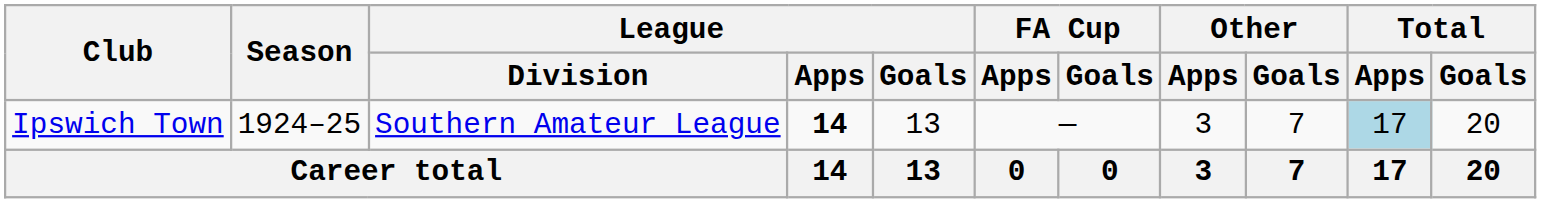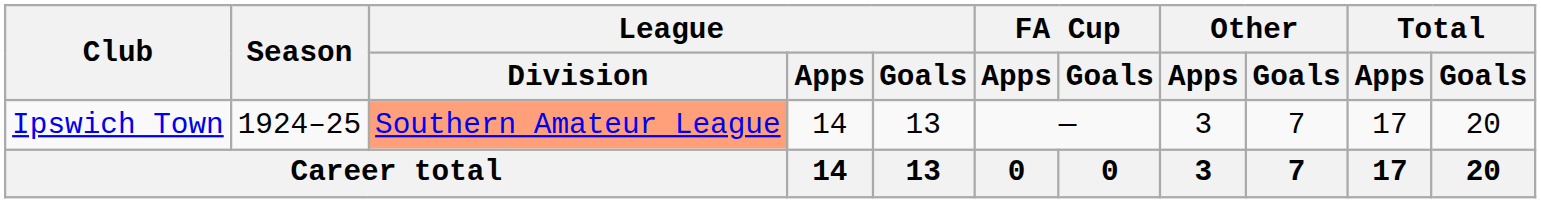 <table class="wikitable" style="text-align:center">
 <tr>
 <th rowspan="2">Club</th>
 <th rowspan="2">Season</th>
 <th colspan="3">League</th>
 <th colspan="2">FA Cup</th>
 <th colspan="2">Other</th>
 <th colspan="2">Total</th>
 </tr>
 <tr>
 <th>Division</th>
 <th>Apps</th>
 <th>Goals</th>
 <th>Apps</th>
 <th>Goals</th>
 <th>Apps</th>
 <th>Goals</th>
 <th>Apps</th>
 <th>Goals</th>
 </tr>
 <tr>
 <td><a href='#'>Ipswich Town</a></td>
 <td>1924–25</td>
-<td><a href='#'>Southern Amateur League</a></td>
-<td><strong>14</strong></td>
+<td style="background: lightsalmon;"><a href='#'>Southern Amateur League</a></td>
+<td>14</td>
 <td>13</td>
 <td colspan="2">―</td>
 <td>3</td>
 <td>7</td>
-<td style="background: lightblue;">17</td>
+<td>17</td>
 <td>20</td>
 </tr>
 <tr>
 <th colspan="3">Career total</th>
 <th>14</th>
 <th>13</th>
 <th>0</th>
 <th>0</th>
 <th>3</th>
 <th>7</th>
 <th>17</th>
 <th>20</th>
 </tr>
 </table>
